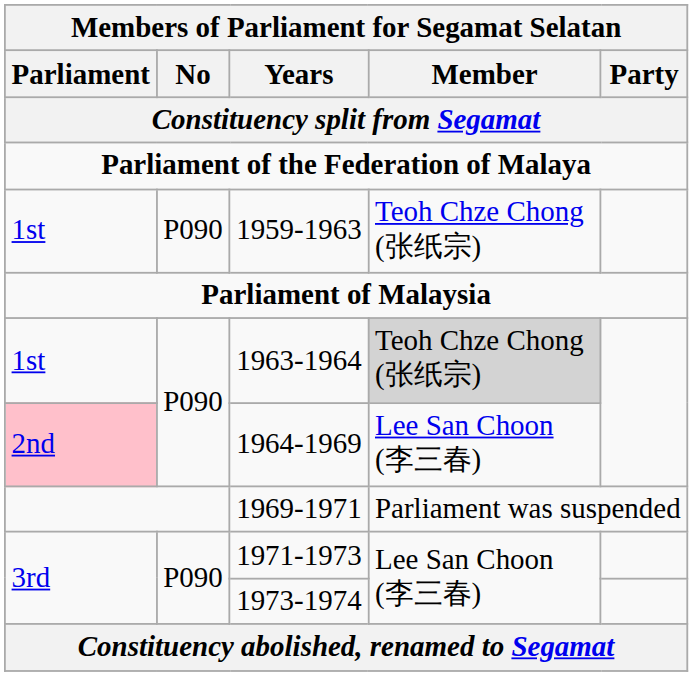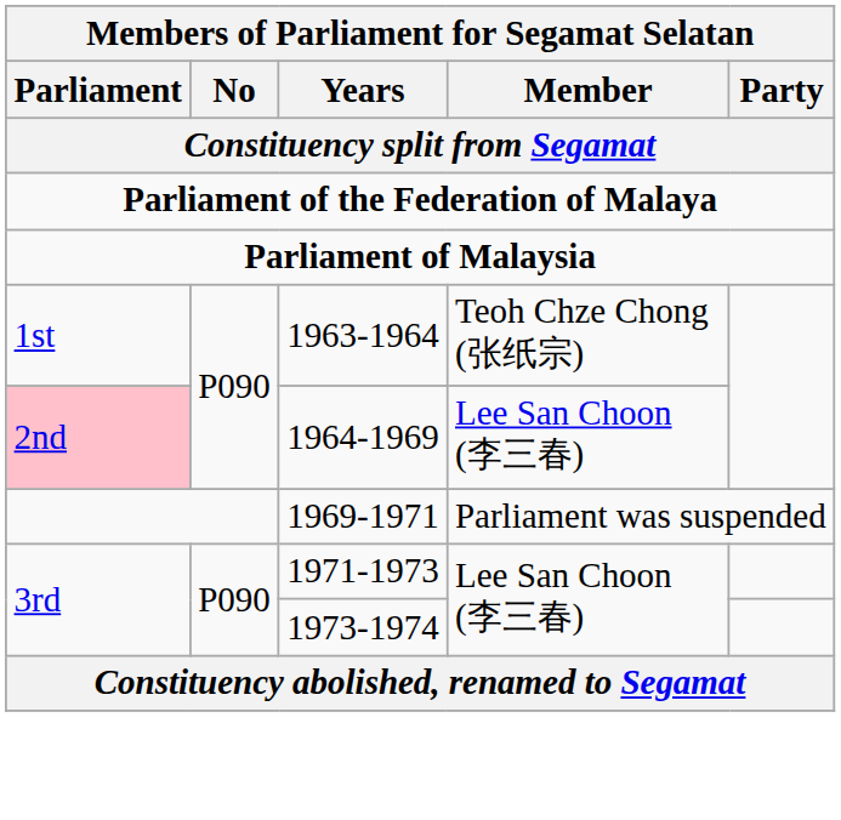 <table class=wikitable>
 <tr>
 <th colspan="5">Members of Parliament for Segamat Selatan</th>
 </tr>
 <tr>
 <th>Parliament</th>
 <th>No</th>
 <th>Years</th>
 <th>Member</th>
 <th>Party</th>
 </tr>
 <tr>
 <th colspan="5" align="center"><em>Constituency split from <a href='#'>Segamat</a></em></th>
 </tr>
 <tr>
 <td colspan="5" align="center"><strong>Parliament of the Federation of Malaya</strong></td>
 </tr>
 <tr>
-<td><a href='#'>1st</a></td>
-<td>P090</td>
-<td>1959-1963</td>
-<td><a href='#'>Teoh Chze Chong</a> <br> (张纸宗)</td>
-<td></td>
-</tr>
-<tr>
 <td colspan="5" align="center"><strong>Parliament of Malaysia</strong></td>
 </tr>
 <tr>
 <td><a href='#'>1st</a></td>
 <td rowspan="2">P090</td>
 <td>1963-1964</td>
-<td style="background: lightgrey;">Teoh Chze Chong  <br>(张纸宗)</td>
+<td>Teoh Chze Chong  <br>(张纸宗)</td>
 <td rowspan="2"></td>
 </tr>
 <tr>
 <td style="background: pink;"><a href='#'>2nd</a></td>
 <td>1964-1969</td>
 <td><a href='#'>Lee San Choon</a>  <br>(李三春)</td>
 </tr>
 <tr>
 <td colspan="2"></td>
 <td>1969-1971</td>
 <td colspan=2 align=center>Parliament was suspended</td>
 </tr>
 <tr>
 <td rowspan=2><a href='#'>3rd</a></td>
 <td rowspan="2">P090</td>
 <td>1971-1973</td>
 <td rowspan=2>Lee San Choon <br> (李三春)</td>
 <td></td>
 </tr>
 <tr>
 <td>1973-1974</td>
 <td></td>
 </tr>
 <tr>
 <th colspan="5" align="center"><em>Constituency abolished, renamed to <a href='#'>Segamat</a></em></th>
 </tr>
 </table>
